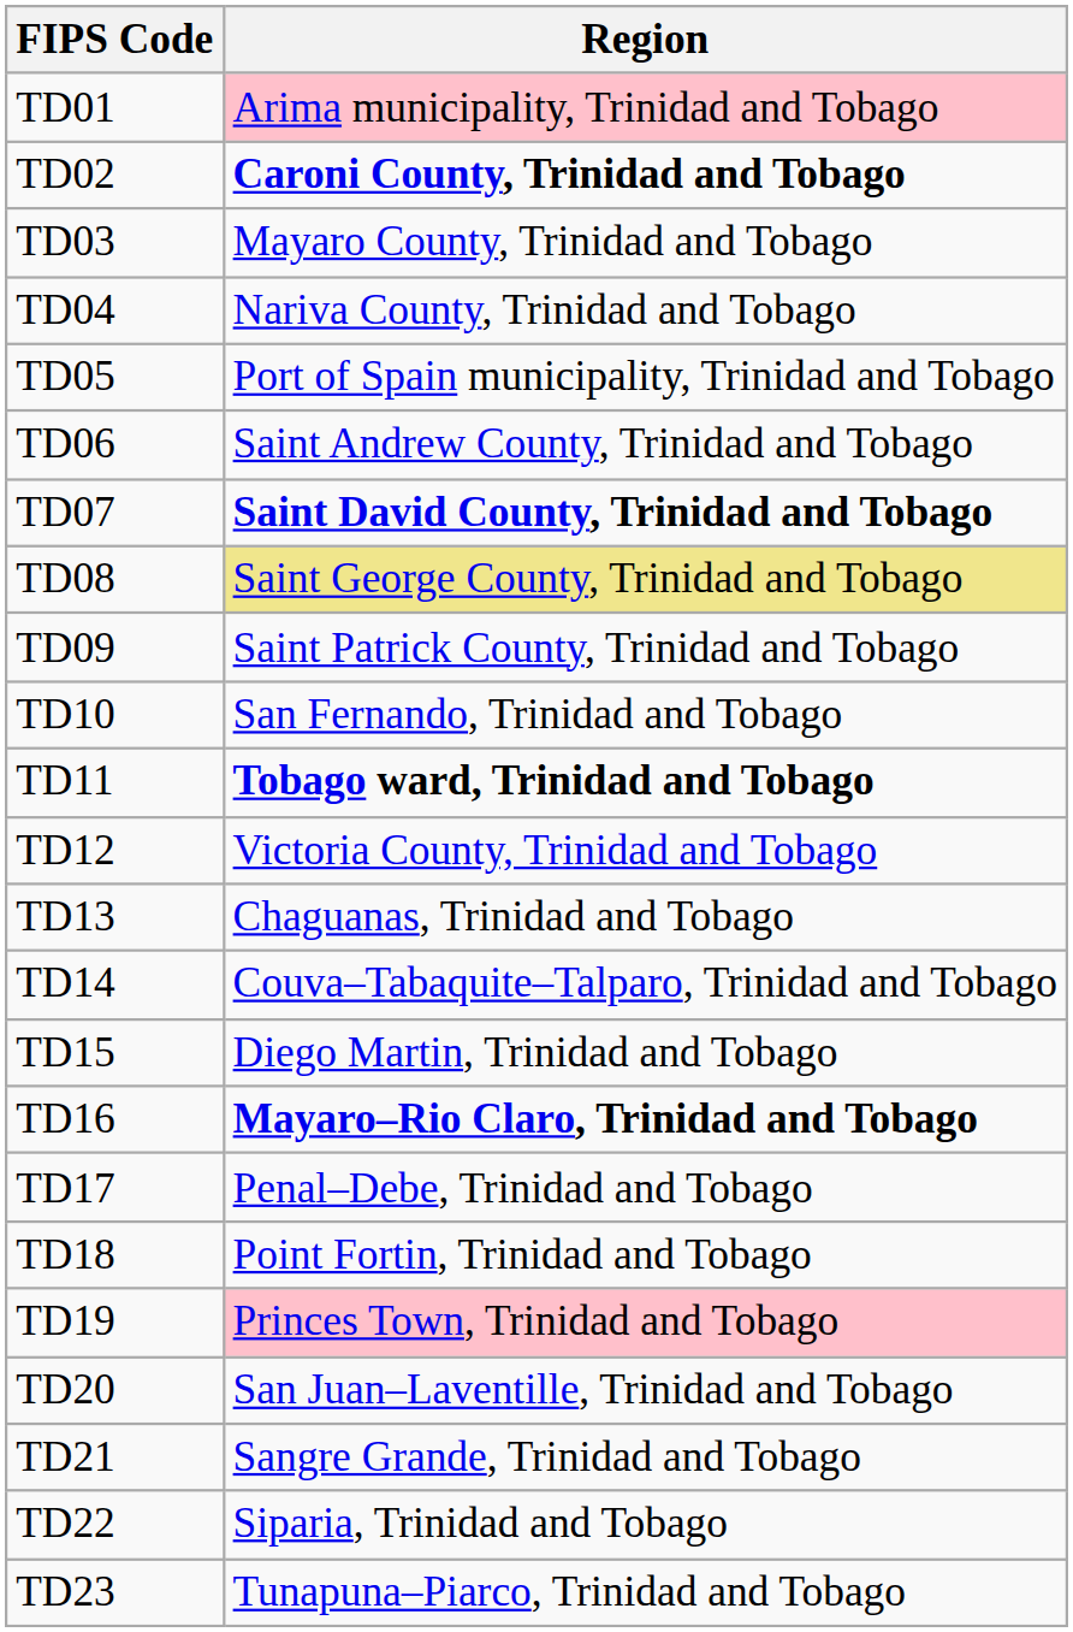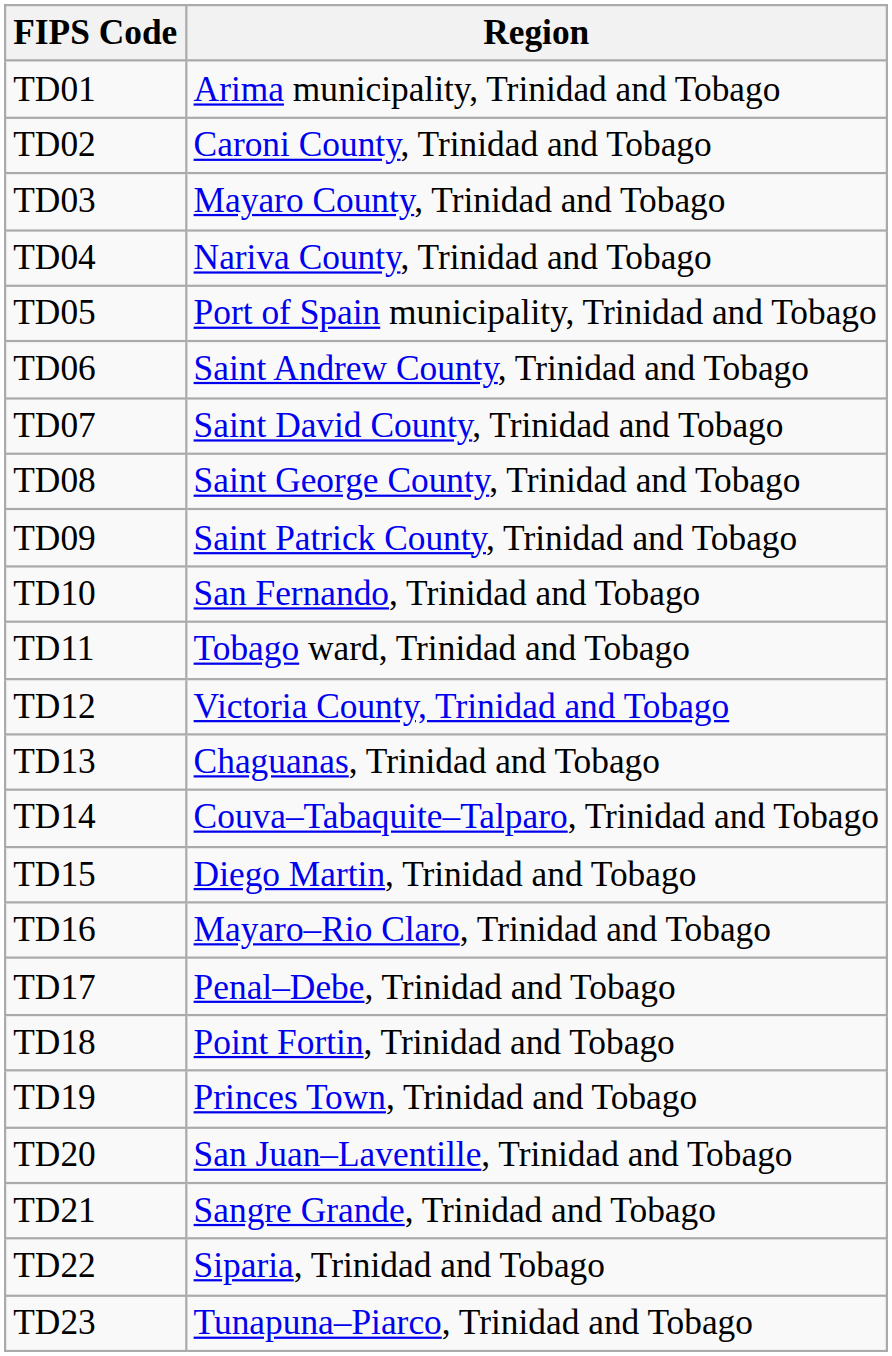 <table class="wikitable">
 <tr>
 <th>FIPS Code</th>
 <th>Region</th>
 </tr>
 <tr>
 <td>TD01</td>
-<td style="background: pink;"><a href='#'>Arima</a> municipality, Trinidad and Tobago</td>
+<td><a href='#'>Arima</a> municipality, Trinidad and Tobago</td>
 </tr>
 <tr>
 <td>TD02</td>
-<td><strong><a href='#'>Caroni County</a>, Trinidad and Tobago</strong></td>
+<td><a href='#'>Caroni County</a>, Trinidad and Tobago</td>
 </tr>
 <tr>
 <td>TD03</td>
 <td><a href='#'>Mayaro County</a>, Trinidad and Tobago</td>
 </tr>
 <tr>
 <td>TD04</td>
 <td><a href='#'>Nariva County</a>, Trinidad and Tobago</td>
 </tr>
 <tr>
 <td>TD05</td>
 <td><a href='#'>Port of Spain</a> municipality, Trinidad and Tobago</td>
 </tr>
 <tr>
 <td>TD06</td>
 <td><a href='#'>Saint Andrew County</a>, Trinidad and Tobago</td>
 </tr>
 <tr>
 <td>TD07</td>
-<td><strong><a href='#'>Saint David County</a>, Trinidad and Tobago</strong></td>
+<td><a href='#'>Saint David County</a>, Trinidad and Tobago</td>
 </tr>
 <tr>
 <td>TD08</td>
-<td style="background: khaki;"><a href='#'>Saint George County</a>, Trinidad and Tobago</td>
+<td><a href='#'>Saint George County</a>, Trinidad and Tobago</td>
 </tr>
 <tr>
 <td>TD09</td>
 <td><a href='#'>Saint Patrick County</a>, Trinidad and Tobago</td>
 </tr>
 <tr>
 <td>TD10</td>
 <td><a href='#'>San Fernando</a>, Trinidad and Tobago</td>
 </tr>
 <tr>
 <td>TD11</td>
-<td><strong><a href='#'>Tobago</a> ward, Trinidad and Tobago</strong></td>
+<td><a href='#'>Tobago</a> ward, Trinidad and Tobago</td>
 </tr>
 <tr>
 <td>TD12</td>
 <td><a href='#'>Victoria County, Trinidad and Tobago</a></td>
 </tr>
 <tr>
 <td>TD13</td>
 <td><a href='#'>Chaguanas</a>, Trinidad and Tobago</td>
 </tr>
 <tr>
 <td>TD14</td>
 <td><a href='#'>Couva–Tabaquite–Talparo</a>, Trinidad and Tobago</td>
 </tr>
 <tr>
 <td>TD15</td>
 <td><a href='#'>Diego Martin</a>, Trinidad and Tobago</td>
 </tr>
 <tr>
 <td>TD16</td>
-<td><strong><a href='#'>Mayaro–Rio Claro</a>, Trinidad and Tobago</strong></td>
+<td><a href='#'>Mayaro–Rio Claro</a>, Trinidad and Tobago</td>
 </tr>
 <tr>
 <td>TD17</td>
 <td><a href='#'>Penal–Debe</a>, Trinidad and Tobago</td>
 </tr>
 <tr>
 <td>TD18</td>
 <td><a href='#'>Point Fortin</a>, Trinidad and Tobago</td>
 </tr>
 <tr>
 <td>TD19</td>
-<td style="background: pink;"><a href='#'>Princes Town</a>, Trinidad and Tobago</td>
+<td><a href='#'>Princes Town</a>, Trinidad and Tobago</td>
 </tr>
 <tr>
 <td>TD20</td>
 <td><a href='#'>San Juan–Laventille</a>, Trinidad and Tobago</td>
 </tr>
 <tr>
 <td>TD21</td>
 <td><a href='#'>Sangre Grande</a>, Trinidad and Tobago</td>
 </tr>
 <tr>
 <td>TD22</td>
 <td><a href='#'>Siparia</a>, Trinidad and Tobago</td>
 </tr>
 <tr>
 <td>TD23</td>
 <td><a href='#'>Tunapuna–Piarco</a>, Trinidad and Tobago</td>
 </tr>
 </table>
